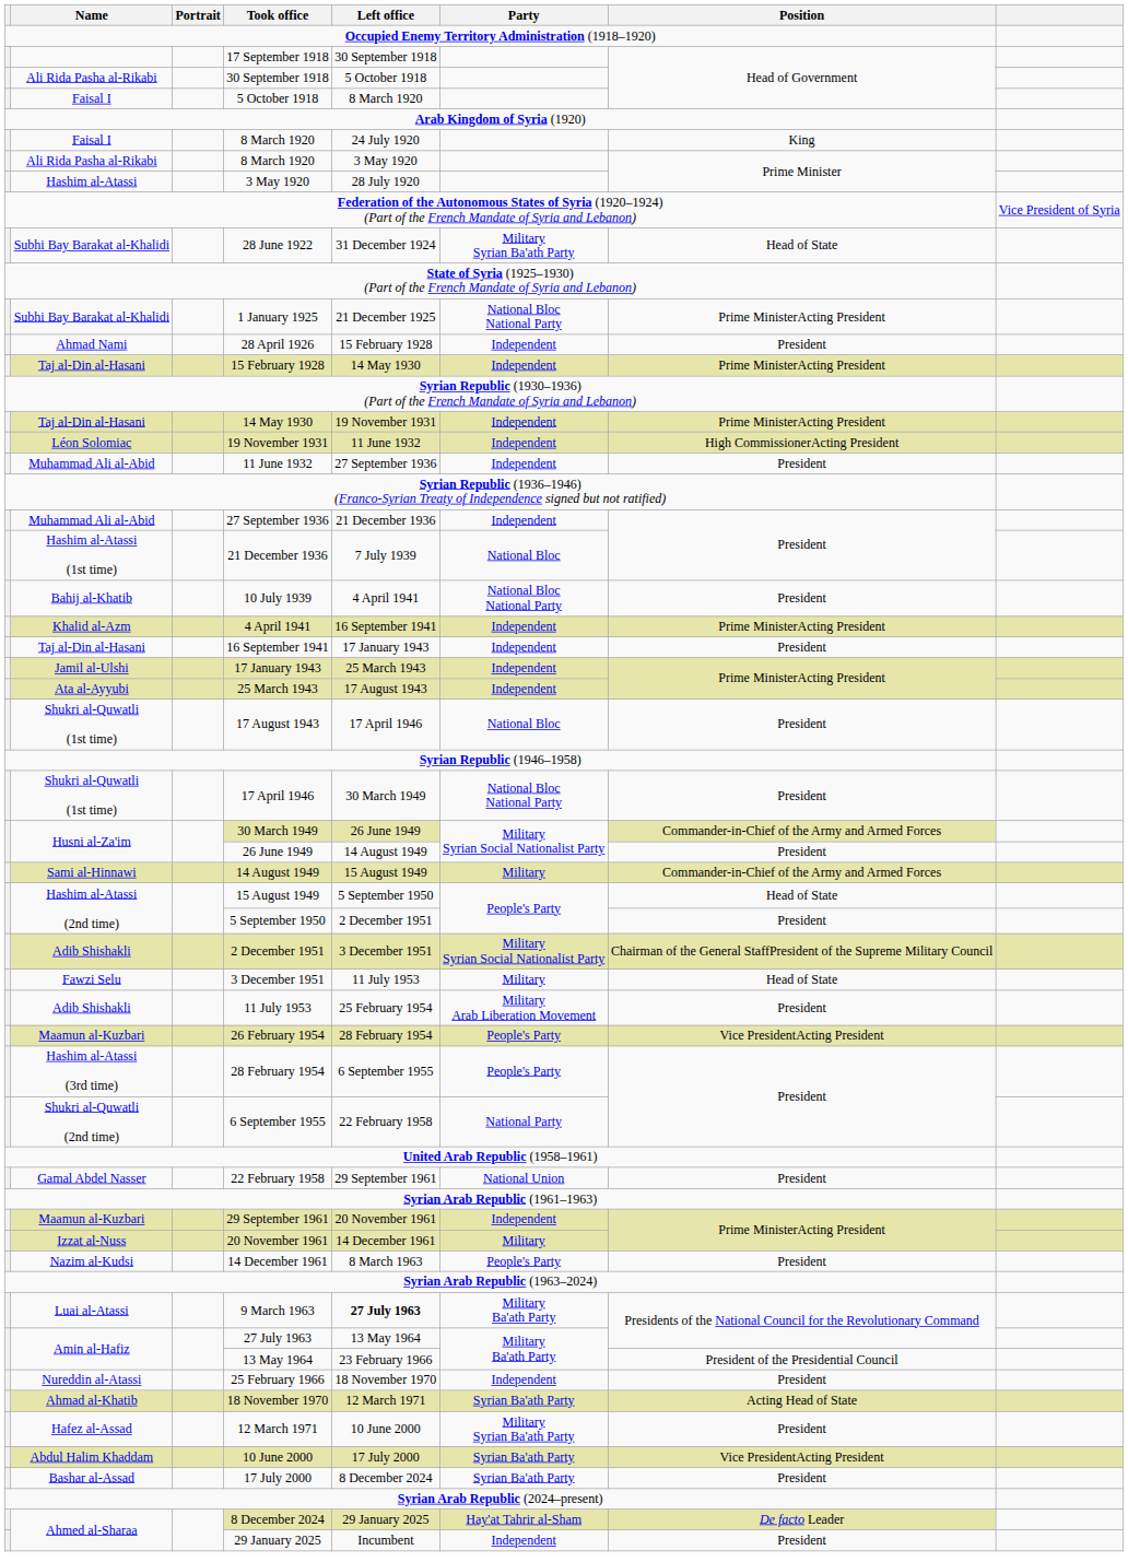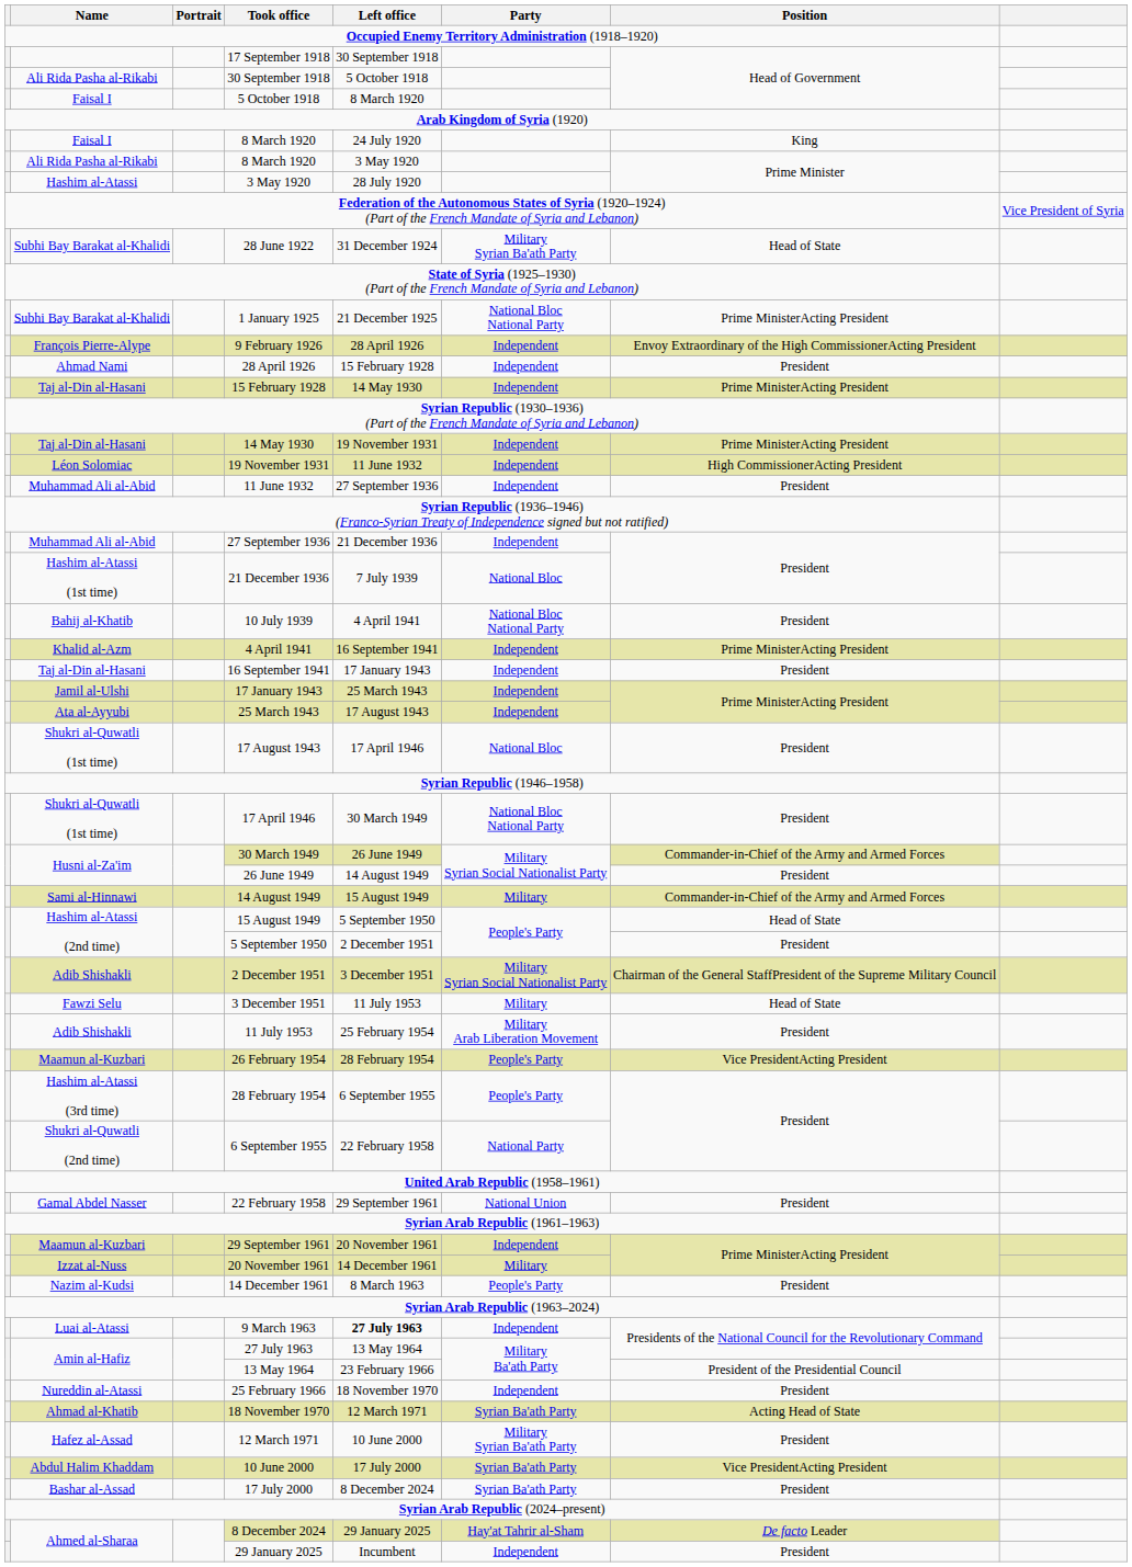 <table class="wikitable" style="text-align:center">
 <tr>
 <th></th>
 <th>Name</th>
 <th>Portrait</th>
 <th>Took office</th>
 <th>Left office</th>
 <th>Party</th>
 <th>Position</th>
 <th></th>
 </tr>
 <tr>
 <td colspan="7"><strong><a href='#'>Occupied Enemy Territory Administration</a></strong> (1918–1920)</td>
 <td></td>
 </tr>
 <tr>
 <th></th>
 <td><br></td>
 <td></td>
 <td>17 September 1918</td>
 <td>30 September 1918</td>
 <td></td>
 <td rowspan="3">Head of Government</td>
 <td></td>
 </tr>
 <tr>
 <th></th>
 <td><a href='#'>Ali Rida Pasha al-Rikabi</a><br></td>
 <td></td>
 <td>30 September 1918</td>
 <td>5 October 1918</td>
 <td></td>
 <td></td>
 </tr>
 <tr>
 <th></th>
 <td><a href='#'>Faisal I</a><br></td>
 <td></td>
 <td>5 October 1918</td>
 <td>8 March 1920</td>
 <td></td>
 <td></td>
 </tr>
 <tr>
 <td colspan="7"><strong><a href='#'>Arab Kingdom of Syria</a></strong> (1920)</td>
 <td></td>
 </tr>
 <tr>
 <th></th>
 <td><a href='#'>Faisal I</a><br></td>
 <td></td>
 <td>8 March 1920</td>
 <td>24 July 1920<br></td>
 <td></td>
 <td>King</td>
 <td></td>
 </tr>
 <tr>
 <th></th>
 <td><a href='#'>Ali Rida Pasha al-Rikabi</a><br></td>
 <td></td>
 <td>8 March 1920</td>
 <td>3 May 1920</td>
 <td></td>
 <td rowspan="2">Prime Minister</td>
 <td></td>
 </tr>
 <tr>
 <th></th>
 <td><a href='#'>Hashim al-Atassi</a><br></td>
 <td></td>
 <td>3 May 1920</td>
 <td>28 July 1920</td>
 <td></td>
 <td></td>
 </tr>
 <tr>
 <td colspan="7"><strong><a href='#'>Federation of the Autonomous States of Syria</a></strong> (1920–1924)<br><em>(Part of the <a href='#'>French Mandate of Syria and Lebanon</a>)</em></td>
 <td><a href='#'>Vice President of Syria</a></td>
 </tr>
 <tr>
 <th style="background-color:"></th>
 <td align="center"><a href='#'>Subhi Bay Barakat al-Khalidi</a><br></td>
 <td align="center"></td>
 <td align="center">28 June 1922</td>
 <td align="center">31 December 1924</td>
 <td align="center"><a href='#'>Military</a><br><a href='#'>Syrian Ba'ath Party</a><br></td>
 <td align="center">Head of State</td>
 <td></td>
 </tr>
 <tr>
 <td colspan="7"><strong><a href='#'>State of Syria</a></strong> (1925–1930)<br><em>(Part of the <a href='#'>French Mandate of Syria and Lebanon</a>)</em></td>
 <td></td>
 </tr>
 <tr>
 <th style="background-color:"></th>
 <td align="center"><a href='#'>Subhi Bay Barakat al-Khalidi</a><br></td>
 <td align="center"></td>
 <td align="center">1 January 1925</td>
 <td align="center">21 December 1925</td>
 <td align="center"><a href='#'>National Bloc</a><br><a href='#'>National Party</a></td>
 <td align="center">Prime MinisterActing President</td>
+<td></td>
+</tr>
+<tr style="background:#E6E6AA">
+<th style="background-color:"></th>
+<td align="center"><a href='#'>François Pierre-Alype</a><br></td>
+<td align="center"></td>
+<td align="center">9 February 1926</td>
+<td align="center">28 April 1926</td>
+<td align="center"><a href='#'>Independent</a></td>
+<td align="center">Envoy Extraordinary of the High CommissionerActing President</td>
 <td></td>
 </tr>
 <tr>
 <th style="background-color:"></th>
 <td align="center"><a href='#'>Ahmad Nami</a><br></td>
 <td align="center"></td>
 <td align="center">28 April 1926</td>
 <td align="center">15 February 1928</td>
 <td align="center"><a href='#'>Independent</a></td>
 <td align="center">President</td>
 <td></td>
 </tr>
 <tr style="background:#E6E6AA">
 <th style="background-color:"></th>
 <td align="center"><a href='#'>Taj al-Din al-Hasani</a><br></td>
 <td align="center"></td>
 <td align="center">15 February 1928</td>
 <td align="center">14 May 1930</td>
 <td align="center"><a href='#'>Independent</a></td>
 <td align="center">Prime MinisterActing President</td>
 <td></td>
 </tr>
 <tr>
 <td colspan="7"><strong><a href='#'>Syrian Republic</a></strong> (1930–1936)<br><em>(Part of the <a href='#'>French Mandate of Syria and Lebanon</a>)</em></td>
 <td></td>
 </tr>
 <tr style="background:#E6E6AA">
 <th style="background-color:"></th>
 <td align="center"><a href='#'>Taj al-Din al-Hasani</a><br></td>
 <td align="center"></td>
 <td align="center">14 May 1930</td>
 <td align="center">19 November 1931</td>
 <td align="center"><a href='#'>Independent</a></td>
 <td align="center">Prime MinisterActing President</td>
 <td></td>
 </tr>
 <tr style="background:#E6E6AA">
 <th style="background-color:"></th>
 <td align="center"><a href='#'>Léon Solomiac</a><br></td>
 <td align="center"></td>
 <td align="center">19 November 1931</td>
 <td align="center">11 June 1932</td>
 <td align="center"><a href='#'>Independent</a></td>
 <td align="center">High CommissionerActing President</td>
 <td></td>
 </tr>
 <tr>
 <th style="background-color:"></th>
 <td align="center"><a href='#'>Muhammad Ali al-Abid</a><br></td>
 <td align="center"></td>
 <td align="center">11 June 1932</td>
 <td align="center">27 September 1936</td>
 <td align="center"><a href='#'>Independent</a></td>
 <td align="center">President</td>
 <td></td>
 </tr>
 <tr>
 <td colspan="7"><strong><a href='#'>Syrian Republic</a></strong> (1936–1946)<br><em>(<a href='#'>Franco-Syrian Treaty of Independence</a> signed but not ratified)</em></td>
 <td></td>
 </tr>
 <tr>
 <th style="background-color:"></th>
 <td align="center"><a href='#'>Muhammad Ali al-Abid</a><br></td>
 <td align="center"></td>
 <td align="center">27 September 1936</td>
 <td align="center">21 December 1936</td>
 <td align="center"><a href='#'>Independent</a></td>
 <td align="center" rowspan="2">President</td>
 <td></td>
 </tr>
 <tr>
 <th style="background-color:"></th>
 <td align="center"><a href='#'>Hashim al-Atassi</a><br><br>(1st time)</td>
 <td align="center"></td>
 <td align="center">21 December 1936</td>
 <td align="center">7 July 1939</td>
 <td align="center"><a href='#'>National Bloc</a></td>
 <td></td>
 </tr>
 <tr>
 <th style="background-color:"></th>
 <td align="center"><a href='#'>Bahij al-Khatib</a><br></td>
 <td align="center"></td>
 <td align="center">10 July 1939</td>
 <td align="center">4 April 1941</td>
 <td align="center"><a href='#'>National Bloc</a><br><a href='#'>National Party</a></td>
 <td align="center">President</td>
 <td></td>
 </tr>
 <tr style="background:#E6E6AA">
 <th style="background-color:"></th>
 <td align="center"><a href='#'>Khalid al-Azm</a><br></td>
 <td align="center"></td>
 <td align="center">4 April 1941</td>
 <td align="center">16 September 1941</td>
 <td align="center"><a href='#'>Independent</a></td>
 <td align="center">Prime MinisterActing President</td>
 <td></td>
 </tr>
 <tr>
 <th style="background-color:"></th>
 <td align="center"><a href='#'>Taj al-Din al-Hasani</a><br></td>
 <td align="center"></td>
 <td align="center">16 September 1941</td>
 <td align="center">17 January 1943<br></td>
 <td align="center"><a href='#'>Independent</a></td>
 <td align="center">President</td>
 <td></td>
 </tr>
 <tr style="background:#E6E6AA">
 <th style="background-color:"></th>
 <td align="center"><a href='#'>Jamil al-Ulshi</a><br></td>
 <td align="center"></td>
 <td align="center">17 January 1943</td>
 <td align="center">25 March 1943</td>
 <td align="center"><a href='#'>Independent</a></td>
 <td align="center" rowspan="2">Prime MinisterActing President</td>
 <td></td>
 </tr>
 <tr style="background:#E6E6AA">
 <th style="background-color:"></th>
 <td align="center"><a href='#'>Ata al-Ayyubi</a><br></td>
 <td align="center"></td>
 <td align="center">25 March 1943</td>
 <td align="center">17 August 1943</td>
 <td align="center"><a href='#'>Independent</a></td>
 <td></td>
 </tr>
 <tr>
 <th style="background-color:"></th>
 <td align="center"><a href='#'>Shukri al-Quwatli</a><br><br>(1st time)</td>
 <td align="center"></td>
 <td align="center">17 August 1943</td>
 <td align="center">17 April 1946</td>
 <td align="center"><a href='#'>National Bloc</a></td>
 <td align="center">President</td>
 <td></td>
 </tr>
 <tr>
 <td colspan="7"><strong><a href='#'>Syrian Republic</a></strong> (1946–1958)</td>
 <td></td>
 </tr>
 <tr>
 <th style="background-color:"></th>
 <td align="center"><a href='#'>Shukri al-Quwatli</a><br><br>(1st time)</td>
 <td align="center"></td>
 <td align="center">17 April 1946</td>
 <td align="center">30 March 1949<br></td>
 <td align="center"><a href='#'>National Bloc</a><br><a href='#'>National Party</a></td>
 <td align="center">President</td>
 <td></td>
 </tr>
 <tr>
 <th rowspan=2 style="background-color:"></th>
 <td align="center" rowspan=2><a href='#'>Husni al-Za'im</a><br></td>
 <td align="center" rowspan=2></td>
 <td align="center" style="background:#E6E6AA">30 March 1949</td>
 <td align="center" style="background:#E6E6AA">26 June 1949</td>
 <td align="center" rowspan=2><a href='#'>Military</a><br><a href='#'>Syrian Social Nationalist Party</a></td>
 <td align="center" style="background:#E6E6AA">Commander-in-Chief of the Army and Armed Forces</td>
 <td></td>
 </tr>
 <tr>
 <td align="center">26 June 1949</td>
 <td align="center">14 August 1949<br></td>
 <td align="center">President</td>
 <td></td>
 </tr>
 <tr style="background:#E6E6AA">
 <th style="background-color:"></th>
 <td align="center"><a href='#'>Sami al-Hinnawi</a><br></td>
 <td align="center"></td>
 <td align="center">14 August 1949</td>
 <td align="center">15 August 1949</td>
 <td align="center"><a href='#'>Military</a></td>
 <td align="center" style="background:#E6E6AA">Commander-in-Chief of the Army and Armed Forces</td>
 <td></td>
 </tr>
 <tr>
 <th rowspan=2 style="background-color:"></th>
 <td align="center" rowspan=2><a href='#'>Hashim al-Atassi</a><br><br>(2nd time)</td>
 <td align="center" rowspan=2></td>
 <td align="center">15 August 1949</td>
 <td align="center">5 September 1950</td>
 <td align="center" rowspan=2><a href='#'>People's Party</a></td>
 <td align="center">Head of State</td>
 <td></td>
 </tr>
 <tr>
 <td align="center">5 September 1950</td>
 <td align="center">2 December 1951</td>
 <td align="center">President</td>
 <td></td>
 </tr>
 <tr style="background:#E6E6AA">
 <th style="background-color:"></th>
 <td align="center"><a href='#'>Adib Shishakli</a><br></td>
 <td align="center"></td>
 <td align="center">2 December 1951</td>
 <td align="center">3 December 1951</td>
 <td align="center"><a href='#'>Military</a><br><a href='#'>Syrian Social Nationalist Party</a></td>
 <td align="center" style="background:#E6E6AA">Chairman of the General StaffPresident of the Supreme Military Council</td>
 <td></td>
 </tr>
 <tr>
 <th style="background-color:"></th>
 <td align="center"><a href='#'>Fawzi Selu</a><br></td>
 <td align="center"></td>
 <td align="center">3 December 1951</td>
 <td align="center">11 July 1953</td>
 <td align="center"><a href='#'>Military</a></td>
 <td align="center">Head of State</td>
 <td></td>
 </tr>
 <tr>
 <th style="background-color:"></th>
 <td align="center"><a href='#'>Adib Shishakli</a><br></td>
 <td align="center"></td>
 <td align="center">11 July 1953</td>
 <td align="center">25 February 1954<br></td>
 <td align="center"><a href='#'>Military</a><br><a href='#'>Arab Liberation Movement</a></td>
 <td align="center">President</td>
 <td></td>
 </tr>
 <tr style="background:#E6E6AA">
 <th style="background-color:"></th>
 <td align="center"><a href='#'>Maamun al-Kuzbari</a><br></td>
 <td align="center"></td>
 <td align="center">26 February 1954</td>
 <td align="center">28 February 1954</td>
 <td align="center"><a href='#'>People's Party</a></td>
 <td align="center">Vice PresidentActing President</td>
 <td></td>
 </tr>
 <tr>
 <th style="background-color:"></th>
 <td align="center"><a href='#'>Hashim al-Atassi</a><br><br>(3rd time)</td>
 <td align="center"></td>
 <td align="center">28 February 1954</td>
 <td align="center">6 September 1955</td>
 <td align="center"><a href='#'>People's Party</a></td>
 <td align="center" rowspan="2">President</td>
 <td></td>
 </tr>
 <tr>
 <th style="background-color:"></th>
 <td align="center"><a href='#'>Shukri al-Quwatli</a><br><br>(2nd time)</td>
 <td align="center"></td>
 <td align="center">6 September 1955</td>
 <td align="center">22 February 1958</td>
 <td align="center"><a href='#'>National Party</a></td>
 <td></td>
 </tr>
 <tr>
 <td colspan="7"><strong><a href='#'>United Arab Republic</a></strong> (1958–1961)</td>
 <td></td>
 </tr>
 <tr>
 <th style="background-color:"></th>
 <td align="center"><a href='#'>Gamal Abdel Nasser</a><br></td>
 <td align="center"></td>
 <td align="center">22 February 1958</td>
 <td align="center">29 September 1961</td>
 <td align="center"><a href='#'>National Union</a></td>
 <td align="center">President</td>
 <td></td>
 </tr>
 <tr>
 <td colspan="7"><strong><a href='#'>Syrian Arab Republic</a></strong> (1961–1963)</td>
 <td></td>
 </tr>
 <tr style="background:#E6E6AA">
 <th style="background-color:"></th>
 <td align="center"><a href='#'>Maamun al-Kuzbari</a><br></td>
 <td align="center"></td>
 <td align="center">29 September 1961</td>
 <td align="center">20 November 1961</td>
 <td align="center"><a href='#'>Independent</a></td>
 <td align="center" rowspan=2>Prime MinisterActing President</td>
 <td></td>
 </tr>
 <tr style="background:#E6E6AA">
 <th style="background-color:"></th>
 <td align="center"><a href='#'>Izzat al-Nuss</a><br></td>
 <td align="center"></td>
 <td align="center">20 November 1961</td>
 <td align="center">14 December 1961</td>
 <td align="center"><a href='#'>Military</a></td>
 <td></td>
 </tr>
 <tr>
 <th style="background-color:"></th>
 <td align="center"><a href='#'>Nazim al-Kudsi</a><br></td>
 <td align="center"></td>
 <td align="center">14 December 1961</td>
 <td align="center">8 March 1963<br></td>
 <td align="center"><a href='#'>People's Party</a></td>
 <td align="center">President</td>
 <td></td>
 </tr>
 <tr>
 <td colspan="7"><strong><a href='#'>Syrian Arab Republic</a></strong> (1963–2024)</td>
 <td></td>
 </tr>
 <tr>
 <th style="background-color:"></th>
 <td align="center"><a href='#'>Luai al-Atassi</a><br></td>
 <td align="center"></td>
 <td align="center">9 March 1963</td>
 <td align="center"><strong>27 July 1963</strong></td>
-<td align="center"><a href='#'>Military</a><br><a href='#'>Ba'ath Party</a><br></td>
+<td align="center"><a href='#'>Independent</a></td>
 <td align="center" rowspan=2>Presidents of the <a href='#'>National Council for the Revolutionary&nbsp;Command</a></td>
 <td></td>
 </tr>
 <tr>
 <th rowspan=2 style="background-color:"></th>
 <td rowspan=2 align="center"><a href='#'>Amin al-Hafiz</a><br></td>
 <td rowspan=2 align="center"></td>
 <td align="center">27 July 1963</td>
 <td align="center">13 May 1964</td>
 <td rowspan=2 align="center"><a href='#'>Military</a><br><a href='#'>Ba'ath Party</a><br></td>
 <td></td>
 </tr>
 <tr>
 <td align="center">13 May 1964</td>
 <td align="center">23 February 1966<br></td>
 <td align="center">President of the Presidential Council</td>
 <td></td>
 </tr>
 <tr>
 <th style="background-color:"></th>
 <td align="center"><a href='#'>Nureddin al-Atassi</a><br></td>
 <td align="center"></td>
 <td align="center">25 February 1966</td>
 <td align="center">18 November 1970<br></td>
 <td align="center"><a href='#'>Independent</a></td>
 <td align="center">President</td>
 <td></td>
 </tr>
 <tr style="background:#E6E6AA">
 <th style="background-color:"></th>
 <td align="center"><a href='#'>Ahmad al-Khatib</a><br></td>
 <td align="center"></td>
 <td align="center">18 November 1970</td>
 <td align="center">12 March 1971</td>
 <td align="center"><a href='#'>Syrian Ba'ath Party</a><br></td>
 <td align="center">Acting Head of State</td>
 <td></td>
 </tr>
 <tr>
 <th style="background-color:"></th>
 <td align="center"><a href='#'>Hafez al-Assad</a><br></td>
 <td align="center"></td>
 <td align="center">12 March 1971</td>
 <td align="center">10 June 2000<br></td>
 <td align="center"><a href='#'>Military</a><br><a href='#'>Syrian Ba'ath Party</a><br></td>
 <td align="center">President</td>
 <td></td>
 </tr>
 <tr style="background:#E6E6AA">
 <th style="background-color:"></th>
 <td align="center"><a href='#'>Abdul Halim Khaddam</a><br></td>
 <td align="center"></td>
 <td align="center">10 June 2000</td>
 <td align="center">17 July 2000</td>
 <td align="center"><a href='#'>Syrian Ba'ath Party</a><br></td>
 <td align="center">Vice PresidentActing President</td>
 <td></td>
 </tr>
 <tr>
 <th style="background-color:"></th>
 <td align="center"><a href='#'>Bashar al-Assad</a><br></td>
 <td align="center"></td>
 <td align="center">17 July 2000</td>
 <td align="center">8 December 2024<br></td>
 <td align="center"><a href='#'>Syrian Ba'ath Party</a><br></td>
 <td align="center">President</td>
 <td></td>
 </tr>
 <tr>
 <td colspan="7"><strong><a href='#'>Syrian Arab Republic</a></strong> (2024–present)</td>
 <td></td>
 </tr>
 <tr>
 <th style="background-color:"></th>
 <td rowspan="2" align="center"><a href='#'>Ahmed al-Sharaa</a><br></td>
 <td rowspan="2" align="center"></td>
 <td align="center" style="background:#E6E6AA">8 December 2024</td>
 <td align="center" style="background:#E6E6AA">29 January 2025</td>
 <td align="center" style="background:#E6E6AA"><a href='#'>Hay'at Tahrir al-Sham</a></td>
 <td style="background:#E6E6AA"><em><a href='#'>De facto</a></em> Leader</td>
 <td></td>
 </tr>
 <tr>
 <th style="background-color:"></th>
 <td align="center">29 January 2025</td>
 <td align="center">Incumbent</td>
 <td align="center"><a href='#'>Independent</a></td>
 <td align="center">President</td>
 </tr>
 </table>
